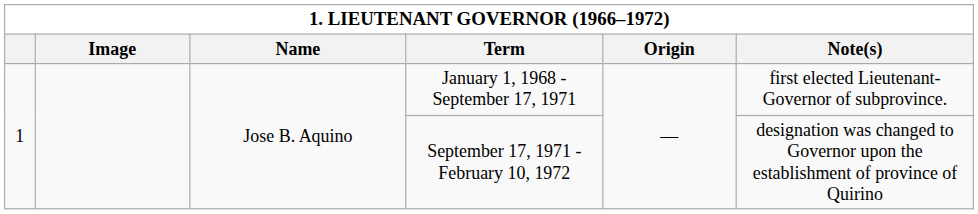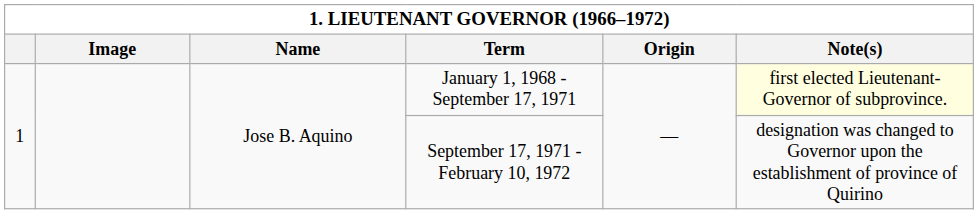 <table class="wikitable collapsible collapsed" style="vertical-align:top;text-align:center;font-size:95%;">
 <tr>
 <th style="background-color:white;font-size:105%;width:51em;" colspan=6>1. LIEUTENANT GOVERNOR (1966–1972)</th>
 </tr>
 <tr>
 <th style="width: 1em;text-align:center"></th>
 <th style="width: 7em;text-align:center">Image</th>
 <th style="width: 10em;text-align:center">Name</th>
 <th style="width: 9em;text-align:center">Term</th>
 <th style="width: 6em;text-align:center">Origin</th>
 <th style="width: 11em;text-align:center">Note(s)</th>
 </tr>
 <tr>
 <td rowspan=2>1</td>
 <td rowspan=2></td>
 <td rowspan=2>Jose B. Aquino</td>
 <td>January 1, 1968 - September 17, 1971</td>
 <td rowspan=2>—</td>
-<td>first elected Lieutenant-Governor of subprovince.</td>
+<td style="background: lightyellow;">first elected Lieutenant-Governor of subprovince.</td>
 </tr>
 <tr>
 <td>September 17, 1971 - February 10, 1972</td>
 <td>designation was changed to Governor upon the establishment of province of Quirino</td>
 </tr>
 </table>
